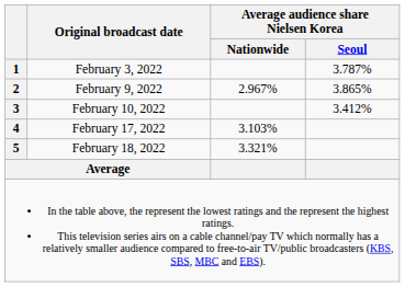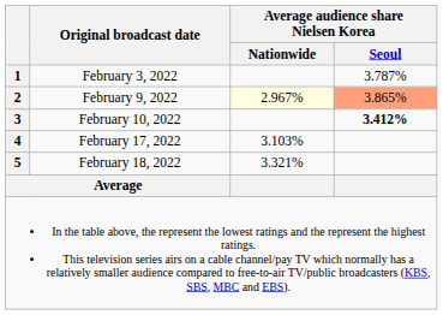 <table class="wikitable" style="text-align:center; max-width:500px; margin-left:auto; margin-right:auto">
 <tr>
 <th scope="col" rowspan="2"></th>
 <th scope="col" rowspan="2">Original broadcast date</th>
 <th scope="col" colspan="2">Average audience share<br>Nielsen Korea</th>
 </tr>
 <tr>
 <th scope="col" style="width:7em">Nationwide</th>
 <th scope="col" style="width:7em"><a href='#'>Seoul</a></th>
 </tr>
 <tr>
 <th scope="col">1</th>
 <td>February 3, 2022</td>
 <td><strong></strong> </td>
 <td>3.787% </td>
 </tr>
 <tr>
 <th scope="col">2</th>
 <td>February 9, 2022</td>
-<td>2.967% </td>
-<td>3.865% </td>
+<td style="background: lightyellow;">2.967% </td>
+<td style="background: lightsalmon;">3.865% </td>
 </tr>
 <tr>
 <th scope="col">3</th>
 <td>February 10, 2022</td>
 <td><strong></strong> </td>
-<td>3.412% </td>
+<td><strong>3.412% </strong></td>
 </tr>
 <tr>
 <th scope="col">4</th>
 <td>February 17, 2022</td>
 <td>3.103% </td>
 <td><strong></strong> </td>
 </tr>
 <tr>
 <th scope="col">5</th>
 <td>February 18, 2022</td>
 <td>3.321% </td>
 <td><strong></strong> </td>
 </tr>
 <tr>
 <th scope="col" colspan="2">Average</th>
 <th scope="col"></th>
 <th scope="col"></th>
 </tr>
 <tr>
 <td colspan="4" style="font-size:85%"><br><ul><li>In the table above, the <strong></strong> represent the lowest ratings and the <strong></strong> represent the highest ratings.</li><li>This television series airs on a cable channel/pay TV which normally has a relatively smaller audience compared to free-to-air TV/public broadcasters (<a href='#'>KBS</a>, <a href='#'>SBS</a>, <a href='#'>MBC</a> and <a href='#'>EBS</a>).</li></ul></td>
 </tr>
 </table>
